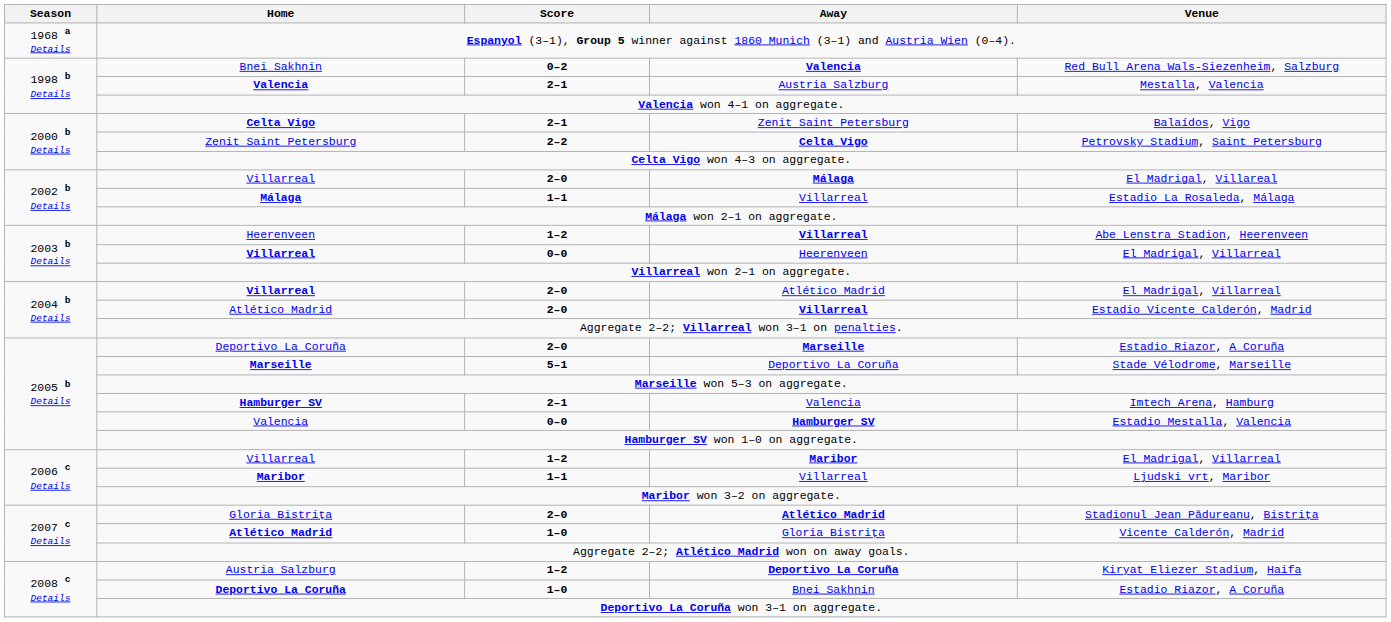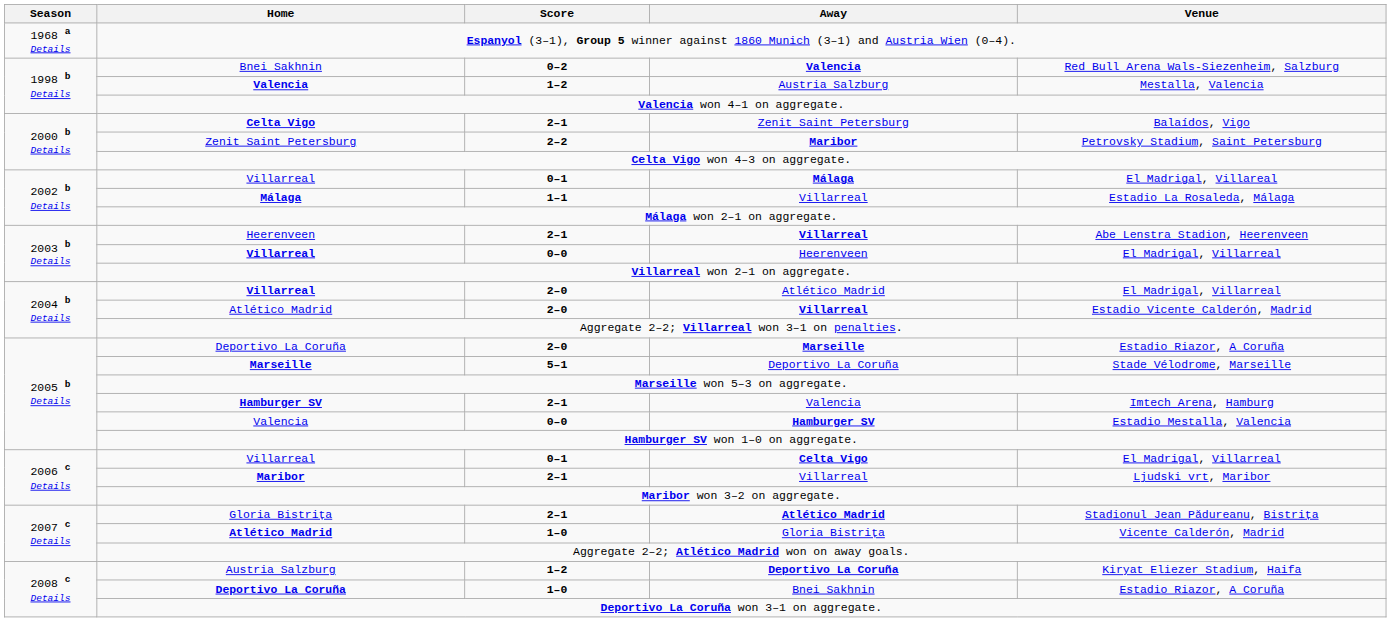 <table class="wikitable" style="text-align: center;">
 <tr>
 <th width=5%>Season</th>
 <th width=20%>Home</th>
 <th width=10%>Score</th>
 <th width=20%>Away</th>
 <th width=20%>Venue</th>
 </tr>
 <tr>
 <td>1968 <sup><strong>a</strong></sup><br><small><em> <a href='#'>Details</a></em></small></td>
 <td colspan=4> <strong><a href='#'>Espanyol</a></strong> (3–1), <strong>Group 5</strong> winner against  <a href='#'>1860 Munich</a> (3–1) and  <a href='#'>Austria Wien</a> (0–4).</td>
 </tr>
 <tr>
 <td rowspan=3>1998 <sup><strong>b</strong></sup><br><small><em> <a href='#'>Details</a></em></small></td>
 <td> <a href='#'>Bnei Sakhnin</a></td>
 <td><strong>0–2</strong></td>
 <td> <strong><a href='#'>Valencia</a></strong></td>
 <td><a href='#'>Red Bull Arena Wals-Siezenheim</a>, <a href='#'>Salzburg</a></td>
 </tr>
 <tr>
 <td> <strong><a href='#'>Valencia</a></strong></td>
-<td><strong>2–1</strong></td>
+<td><strong>1–2</strong></td>
 <td> <a href='#'>Austria Salzburg</a></td>
 <td><a href='#'>Mestalla</a>, <a href='#'>Valencia</a></td>
 </tr>
 <tr>
 <td colspan=4><strong><a href='#'>Valencia</a></strong> won 4–1 on aggregate.</td>
 </tr>
 <tr>
 <td rowspan=3>2000 <sup><strong>b</strong></sup><br><small><em> <a href='#'>Details</a></em></small></td>
 <td> <strong><a href='#'>Celta Vigo</a></strong></td>
 <td><strong>2–1</strong></td>
 <td> <a href='#'>Zenit Saint Petersburg</a></td>
 <td><a href='#'>Balaídos</a>, <a href='#'>Vigo</a></td>
 </tr>
 <tr>
 <td> <a href='#'>Zenit Saint Petersburg</a></td>
 <td><strong>2–2</strong></td>
-<td> <strong><a href='#'>Celta Vigo</a></strong></td>
+<td> <strong><a href='#'>Maribor</a></strong></td>
 <td><a href='#'>Petrovsky Stadium</a>, <a href='#'>Saint Petersburg</a></td>
 </tr>
 <tr>
 <td colspan=4><strong><a href='#'>Celta Vigo</a></strong> won 4–3 on aggregate.</td>
 </tr>
 <tr>
 <td rowspan=3>2002 <sup><strong>b</strong></sup><br><small><em> <a href='#'>Details</a></em></small></td>
 <td> <a href='#'>Villarreal</a></td>
-<td><strong>2–0</strong></td>
+<td><strong>0–1</strong></td>
 <td> <strong><a href='#'>Málaga</a></strong></td>
 <td><a href='#'>El Madrigal</a>, <a href='#'>Villareal</a></td>
 </tr>
 <tr>
 <td> <strong><a href='#'>Málaga</a></strong></td>
 <td><strong>1–1</strong></td>
 <td> <a href='#'>Villarreal</a></td>
 <td><a href='#'>Estadio La Rosaleda</a>, <a href='#'>Málaga</a></td>
 </tr>
 <tr>
 <td colspan=4><strong><a href='#'>Málaga</a></strong> won 2–1 on aggregate.</td>
 </tr>
 <tr>
 <td rowspan=3>2003 <sup><strong>b</strong></sup><br><small><em> <a href='#'>Details</a></em></small></td>
 <td> <a href='#'>Heerenveen</a></td>
-<td><strong>1–2</strong></td>
+<td><strong>2–1</strong></td>
 <td> <strong><a href='#'>Villarreal</a></strong></td>
 <td><a href='#'>Abe Lenstra Stadion</a>, <a href='#'>Heerenveen</a></td>
 </tr>
 <tr>
 <td> <strong><a href='#'>Villarreal</a></strong></td>
 <td><strong>0–0</strong></td>
 <td> <a href='#'>Heerenveen</a></td>
 <td><a href='#'>El Madrigal</a>, <a href='#'>Villarreal</a></td>
 </tr>
 <tr>
 <td colspan=4><strong><a href='#'>Villarreal</a></strong> won 2–1 on aggregate.</td>
 </tr>
 <tr>
 <td rowspan=3>2004 <sup><strong>b</strong></sup><br><small><em> <a href='#'>Details</a></em></small></td>
 <td> <strong><a href='#'>Villarreal</a></strong></td>
 <td><strong>2–0</strong></td>
 <td> <a href='#'>Atlético Madrid</a></td>
 <td><a href='#'>El Madrigal</a>, <a href='#'>Villarreal</a></td>
 </tr>
 <tr>
 <td> <a href='#'>Atlético Madrid</a></td>
 <td><strong>2–0</strong></td>
 <td> <strong><a href='#'>Villarreal</a></strong></td>
 <td><a href='#'>Estadio Vicente Calderón</a>, <a href='#'>Madrid</a></td>
 </tr>
 <tr>
 <td colspan=4>Aggregate 2–2; <strong><a href='#'>Villarreal</a></strong> won 3–1 on <a href='#'>penalties</a>.</td>
 </tr>
 <tr>
 <td rowspan=6>2005 <sup><strong>b</strong></sup><br><small><em> <a href='#'>Details</a></em></small></td>
 <td> <a href='#'>Deportivo La Coruña</a></td>
 <td><strong>2–0</strong></td>
 <td> <strong><a href='#'>Marseille</a></strong></td>
 <td><a href='#'>Estadio Riazor</a>, <a href='#'>A Coruña</a></td>
 </tr>
 <tr>
 <td> <strong><a href='#'>Marseille</a></strong></td>
 <td><strong>5–1</strong></td>
 <td> <a href='#'>Deportivo La Coruña</a></td>
 <td><a href='#'>Stade Vélodrome</a>, <a href='#'>Marseille</a></td>
 </tr>
 <tr>
 <td colspan=4><strong><a href='#'>Marseille</a></strong> won 5–3 on aggregate.</td>
 </tr>
 <tr>
 <td> <strong><a href='#'>Hamburger SV</a></strong></td>
 <td><strong>2–1</strong></td>
 <td> <a href='#'>Valencia</a></td>
 <td><a href='#'>Imtech Arena</a>, <a href='#'>Hamburg</a></td>
 </tr>
 <tr>
 <td> <a href='#'>Valencia</a></td>
 <td><strong>0–0</strong></td>
 <td> <strong><a href='#'>Hamburger SV</a></strong></td>
 <td><a href='#'>Estadio Mestalla</a>, <a href='#'>Valencia</a></td>
 </tr>
 <tr>
 <td colspan=4><strong><a href='#'>Hamburger SV</a></strong> won 1–0 on aggregate.</td>
 </tr>
 <tr>
 <td rowspan=3>2006 <sup><strong>c</strong></sup><br><small><em> <a href='#'>Details</a></em></small></td>
 <td> <a href='#'>Villarreal</a></td>
-<td><strong>1–2</strong></td>
-<td> <strong><a href='#'>Maribor</a></strong></td>
+<td><strong>0–1</strong></td>
+<td> <strong><a href='#'>Celta Vigo</a></strong></td>
 <td><a href='#'>El Madrigal</a>, <a href='#'>Villarreal</a></td>
 </tr>
 <tr>
 <td> <strong><a href='#'>Maribor</a></strong></td>
-<td><strong>1–1</strong></td>
+<td><strong>2–1</strong></td>
 <td> <a href='#'>Villarreal</a></td>
 <td><a href='#'>Ljudski vrt</a>, <a href='#'>Maribor</a></td>
 </tr>
 <tr>
 <td colspan=4><strong><a href='#'>Maribor</a></strong> won 3–2 on aggregate.</td>
 </tr>
 <tr>
 <td rowspan=3>2007 <sup><strong>c</strong></sup><br><small><em> <a href='#'>Details</a></em></small></td>
 <td> <a href='#'>Gloria Bistrița</a></td>
-<td><strong>2–0</strong></td>
+<td><strong>2–1</strong></td>
 <td> <strong><a href='#'>Atlético Madrid</a></strong></td>
 <td><a href='#'>Stadionul Jean Pădureanu</a>, <a href='#'>Bistrița</a></td>
 </tr>
 <tr>
 <td> <strong><a href='#'>Atlético Madrid</a></strong></td>
 <td><strong>1–0</strong></td>
 <td> <a href='#'>Gloria Bistrița</a></td>
 <td><a href='#'>Vicente Calderón</a>, <a href='#'>Madrid</a></td>
 </tr>
 <tr>
 <td colspan=4>Aggregate 2–2; <strong><a href='#'>Atlético Madrid</a></strong> won on away goals.</td>
 </tr>
 <tr>
 <td rowspan=3>2008 <sup><strong>c</strong></sup><br><small><em> <a href='#'>Details</a></em></small></td>
 <td> <a href='#'>Austria Salzburg</a></td>
 <td><strong>1–2</strong></td>
 <td> <strong><a href='#'>Deportivo La Coruña</a></strong></td>
 <td><a href='#'>Kiryat Eliezer Stadium</a>, <a href='#'>Haifa</a></td>
 </tr>
 <tr>
 <td> <strong><a href='#'>Deportivo La Coruña</a></strong></td>
 <td><strong>1–0</strong></td>
 <td> <a href='#'>Bnei Sakhnin</a></td>
 <td><a href='#'>Estadio Riazor</a>, <a href='#'>A Coruña</a></td>
 </tr>
 <tr>
 <td colspan=4><strong><a href='#'>Deportivo La Coruña</a></strong> won 3–1 on aggregate.</td>
 </tr>
 </table>
